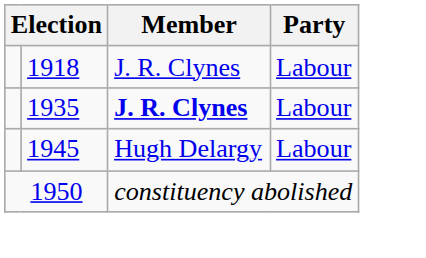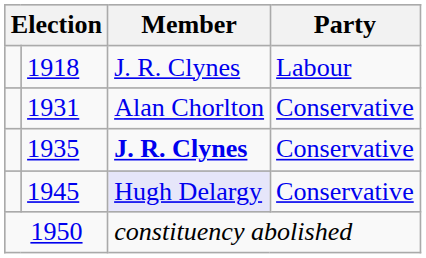 <table class="wikitable">
 <tr>
 <th colspan="2">Election</th>
 <th>Member</th>
 <th>Party</th>
 </tr>
 <tr>
 <td style="color:inherit;background-color: "></td>
 <td><a href='#'>1918</a></td>
 <td><a href='#'>J. R. Clynes</a></td>
 <td><a href='#'>Labour</a></td>
 </tr>
 <tr>
 <td style="color:inherit;background-color: "></td>
+<td><a href='#'>1931</a></td>
+<td><a href='#'>Alan Chorlton</a></td>
+<td><a href='#'>Conservative</a></td>
+</tr>
+<tr>
+<td style="color:inherit;background-color: "></td>
 <td><a href='#'>1935</a></td>
 <td><strong><a href='#'>J. R. Clynes</a></strong></td>
-<td><a href='#'>Labour</a></td>
+<td><a href='#'>Conservative</a></td>
 </tr>
 <tr>
 <td style="color:inherit;background-color: "></td>
 <td><a href='#'>1945</a></td>
-<td><a href='#'>Hugh Delargy</a></td>
-<td><a href='#'>Labour</a></td>
+<td style="background: lavender;"><a href='#'>Hugh Delargy</a></td>
+<td><a href='#'>Conservative</a></td>
 </tr>
 <tr>
 <td colspan="2" align="center"><a href='#'>1950</a></td>
 <td colspan="2"><em>constituency abolished</em></td>
 </tr>
 </table>
